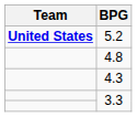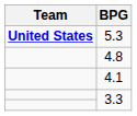 <table class=wikitable>
 <tr>
 <th>Team</th>
 <th>BPG</th>
 </tr>
 <tr>
 <td><strong> <a href='#'>United States</a></strong></td>
-<td align=center>5.2</td>
+<td align=center>5.3</td>
 </tr>
 <tr>
 <td></td>
 <td align=center>4.8</td>
 </tr>
 <tr>
 <td></td>
-<td align=center>4.3</td>
+<td align=center>4.1</td>
 </tr>
 <tr>
 <td></td>
 <td align=center rowspan=2>3.3</td>
 </tr>
 <tr>
 <td></td>
 </tr>
 </table>
